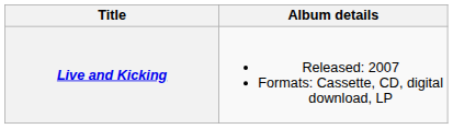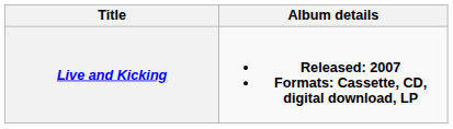 <table class="wikitable plainrowheaders" style="text-align:center;">
 <tr>
 <th scope="col" style="width: 15em;">Title</th>
 <th scope="col" style="width: 16em;">Album details</th>
 </tr>
 <tr>
 <th scope="row"><em><a href='#'>Live and Kicking</a></em></th>
-<td><br><ul><li>Released: 2007</li><li>Formats: Cassette, CD, digital download, LP</li></ul></td>
+<td><strong><br><ul><li>Released: 2007</li><li>Formats: Cassette, CD, digital download, LP</li></ul></strong></td>
 </tr>
 </table>
